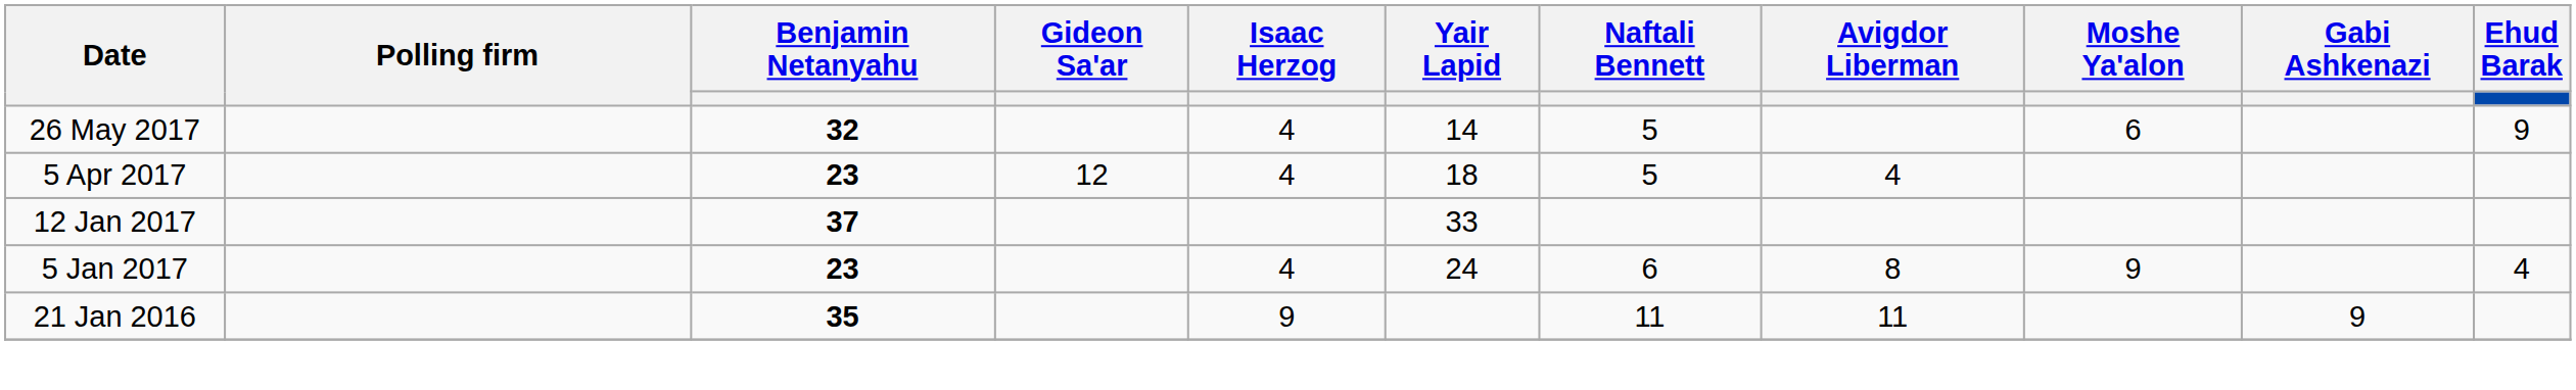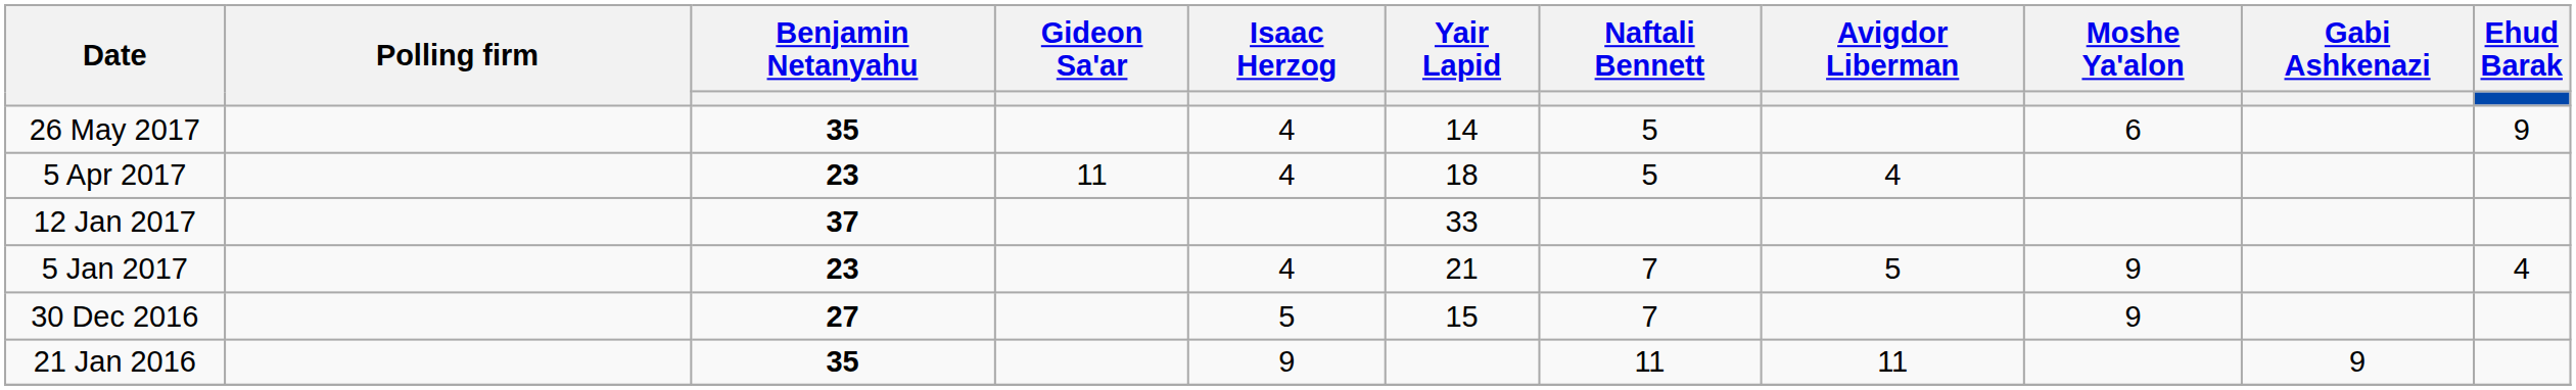 <table class="wikitable sortable" style="text-align:center; font-size:90%; line-height:16px;">
 <tr style="height:42px;">
 <th style="width:100px;" rowspan="2">Date</th>
 <th style="width:220px;" rowspan="2">Polling firm</th>
 <th><a href='#'>Benjamin Netanyahu</a></th>
 <th><a href='#'>Gideon Sa'ar</a></th>
 <th><a href='#'>Isaac Herzog</a></th>
 <th><a href='#'>Yair Lapid</a></th>
 <th><a href='#'>Naftali Bennett</a></th>
 <th><a href='#'>Avigdor Liberman</a></th>
 <th><a href='#'>Moshe Ya'alon</a></th>
 <th><a href='#'>Gabi Ashkenazi</a></th>
 <th><a href='#'>Ehud Barak</a></th>
 </tr>
 <tr>
 <th style="color:inherit;background:"></th>
 <th style="color:inherit;background:"></th>
 <th style="color:inherit;background:"></th>
 <th style="color:inherit;background:"></th>
 <th style="color:inherit;background:"></th>
 <th style="color:inherit;background:"></th>
 <th style="color:inherit;background:"></th>
 <th style="color:inherit;background:"></th>
 <th style="background:#0047AB; width:40px;"></th>
 </tr>
 <tr>
 <td data-sort-value="2017-05-26">26 May 2017</td>
 <td></td>
-<td><strong>32</strong></td>
+<td><strong>35</strong></td>
 <td></td>
 <td>4</td>
 <td>14</td>
 <td>5</td>
 <td></td>
 <td>6</td>
 <td></td>
 <td>9</td>
 </tr>
 <tr>
 <td data-sort-value="2017-04-05">5 Apr 2017</td>
 <td></td>
 <td><strong>23</strong></td>
-<td>12</td>
+<td>11</td>
 <td>4</td>
 <td>18</td>
 <td>5</td>
 <td>4</td>
 <td></td>
 <td></td>
 <td></td>
 </tr>
 <tr>
 <td data-sort-value="2017-01-12">12 Jan 2017</td>
 <td></td>
 <td><strong>37</strong></td>
 <td></td>
 <td></td>
 <td>33</td>
 <td></td>
 <td></td>
 <td></td>
 <td></td>
 <td></td>
 </tr>
 <tr>
 <td data-sort-value="2017-01-05">5 Jan 2017</td>
 <td></td>
 <td><strong>23</strong></td>
 <td></td>
 <td>4</td>
-<td>24</td>
-<td>6</td>
-<td>8</td>
+<td>21</td>
+<td>7</td>
+<td>5</td>
 <td>9</td>
 <td></td>
 <td>4</td>
+</tr>
+<tr>
+<td data-sort-value="2016-12-30">30 Dec 2016</td>
+<td></td>
+<td><strong>27</strong></td>
+<td></td>
+<td>5</td>
+<td>15</td>
+<td>7</td>
+<td></td>
+<td>9</td>
+<td></td>
+<td></td>
 </tr>
 <tr>
 <td data-sort-value="2016-01-21">21 Jan 2016</td>
 <td></td>
 <td><strong>35</strong></td>
 <td></td>
 <td>9</td>
 <td></td>
 <td>11</td>
 <td>11</td>
 <td></td>
 <td>9</td>
 <td></td>
 </tr>
 <tr>
 </tr>
 </table>
